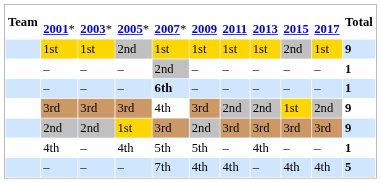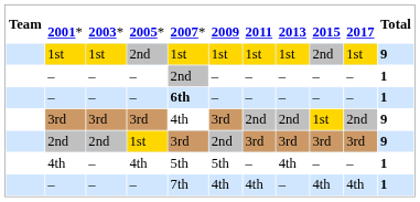 <table border="0" cellspacing="1" cellpadding="3" style="border: 1px solid #aaaaaa;">
 <tr bgcolor=>
 <td><strong>Team</strong></td>
 <td><strong><br><a href='#'>2001</a></strong>*</td>
 <td><strong><br><a href='#'>2003</a></strong>*</td>
 <td><strong><br><a href='#'>2005</a></strong>*</td>
 <td><strong><br><a href='#'>2007</a></strong>*</td>
 <td><strong><br><a href='#'>2009</a></strong></td>
 <td><strong><br><a href='#'>2011</a></strong></td>
 <td><strong><br><a href='#'>2013</a></strong></td>
 <td><strong><br> <a href='#'>2015</a></strong></td>
 <td><strong><br><a href='#'>2017</a></strong></td>
 <td><strong>Total</strong></td>
 </tr>
 <tr bgcolor=#D0E6FF>
 <td></td>
 <td bgcolor=gold>1st</td>
 <td bgcolor=gold>1st</td>
 <td bgcolor=silver>2nd</td>
 <td bgcolor=gold>1st</td>
 <td bgcolor=gold>1st</td>
 <td bgcolor=gold>1st</td>
 <td bgcolor=gold>1st</td>
 <td bgcolor=silver>2nd</td>
 <td bgcolor=gold>1st</td>
 <td><strong>9</strong></td>
 </tr>
 <tr bgcolor=#FFFFFF>
 <td></td>
 <td>–</td>
 <td>–</td>
 <td>–</td>
 <td bgcolor=silver>2nd</td>
 <td>–</td>
 <td>–</td>
 <td>–</td>
 <td>–</td>
 <td>–</td>
 <td><strong>1</strong></td>
 </tr>
 <tr bgcolor=#D0E6FF>
 <td></td>
 <td>–</td>
 <td>–</td>
 <td>–</td>
 <td><strong>6th</strong></td>
 <td>–</td>
 <td>–</td>
 <td>–</td>
 <td>–</td>
 <td>–</td>
 <td><strong>1</strong></td>
 </tr>
 <tr bgcolor=#FFFFFF>
 <td></td>
 <td bgcolor=#cc9966>3rd</td>
 <td bgcolor=#cc9966>3rd</td>
 <td bgcolor=#cc9966>3rd</td>
 <td>4th</td>
 <td bgcolor=#cc9966>3rd</td>
 <td bgcolor=silver>2nd</td>
 <td bgcolor=silver>2nd</td>
 <td bgcolor=gold>1st</td>
 <td bgcolor=silver>2nd</td>
 <td><strong>9</strong></td>
 </tr>
 <tr bgcolor=#D0E6FF>
 <td></td>
 <td bgcolor=silver>2nd</td>
 <td bgcolor=silver>2nd</td>
 <td bgcolor=gold>1st</td>
 <td bgcolor=#cc9966>3rd</td>
 <td bgcolor=silver>2nd</td>
 <td bgcolor=#cc9966>3rd</td>
 <td bgcolor=#cc9966>3rd</td>
 <td bgcolor=#cc9966>3rd</td>
 <td bgcolor=#cc9966>3rd</td>
 <td><strong>9</strong></td>
 </tr>
 <tr bgcolor=#FFFFFF>
 <td></td>
 <td>4th</td>
 <td>–</td>
 <td>4th</td>
 <td>5th</td>
 <td>5th</td>
 <td>–</td>
 <td>4th</td>
 <td>–</td>
 <td>–</td>
 <td><strong>1</strong></td>
 </tr>
 <tr bgcolor=#D0E6FF>
 <td></td>
 <td>–</td>
 <td>–</td>
 <td>–</td>
 <td>7th</td>
 <td>4th</td>
 <td>4th</td>
 <td>–</td>
 <td>4th</td>
 <td>4th</td>
-<td><strong>5</strong></td>
+<td><strong>1</strong></td>
 </tr>
 </table>
